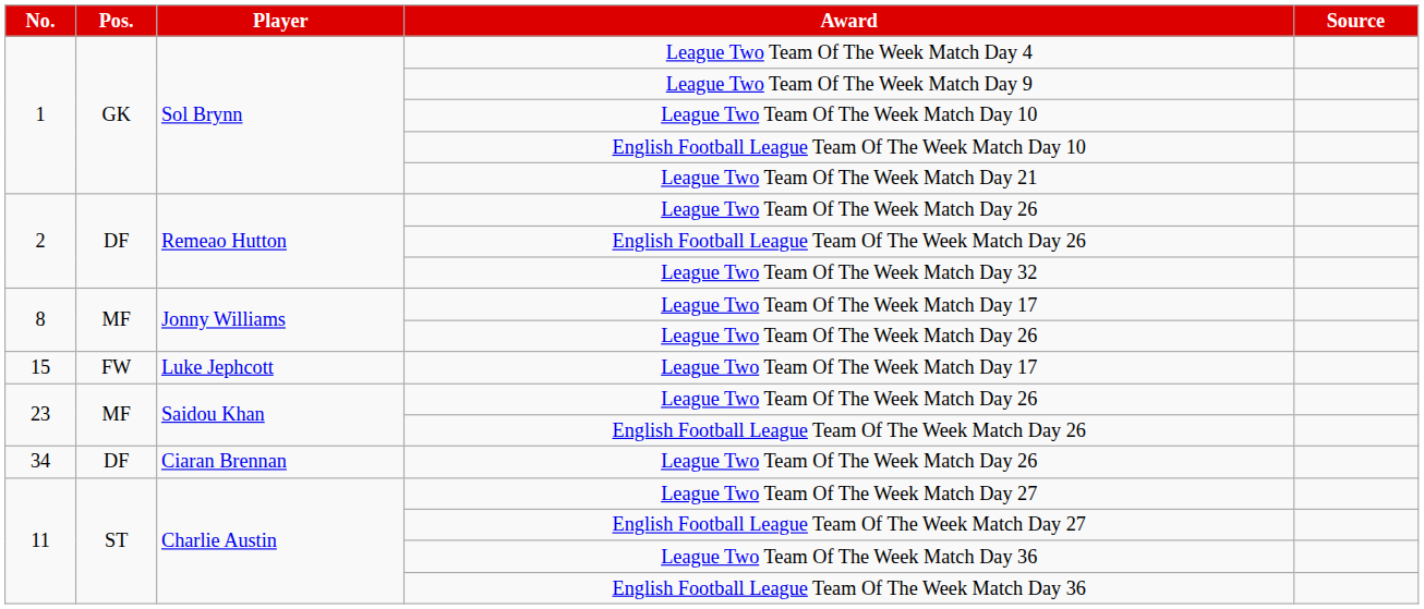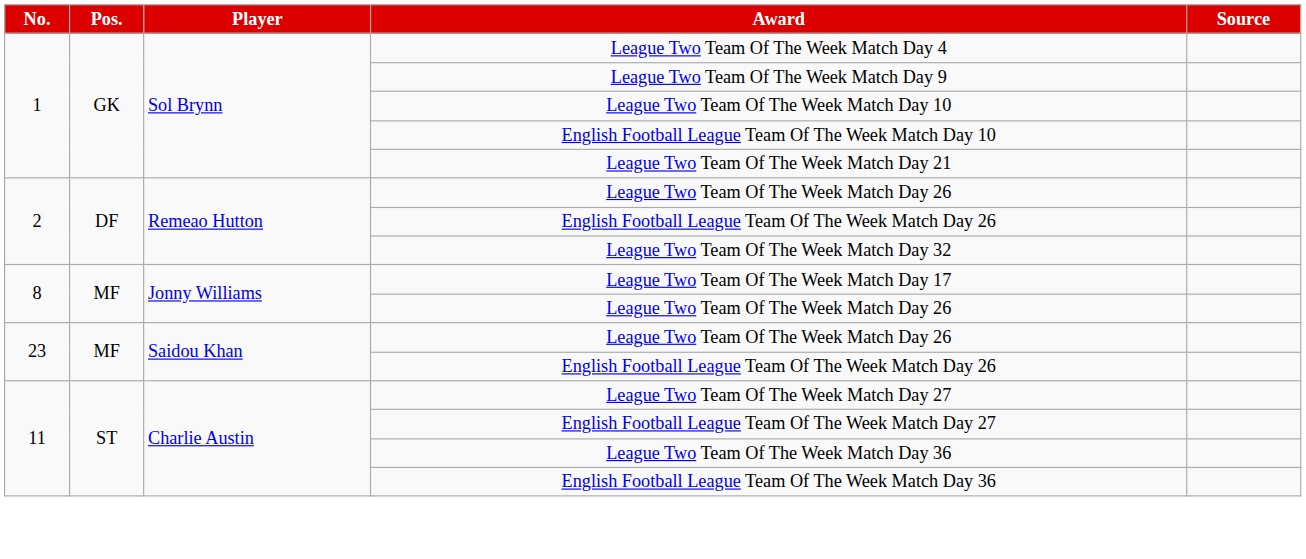 <table class="wikitable" style="text-align:center;width:90%;">
 <tr>
 <th style="background:#DD0000;color:#fff;">No.</th>
 <th style="background:#DD0000;color:#fff;">Pos.</th>
 <th style="background:#DD0000;color:#fff;">Player</th>
 <th style="background:#DD0000;color:#fff;">Award</th>
 <th style="background:#DD0000;color:#fff;">Source</th>
 </tr>
 <tr>
 <td rowspan=5>1</td>
 <td rowspan=5>GK</td>
 <td rowspan=5; align=left> <a href='#'>Sol Brynn</a></td>
 <td><a href='#'>League Two</a> Team Of The Week Match Day 4</td>
 <td></td>
 </tr>
 <tr>
 <td><a href='#'>League Two</a> Team Of The Week Match Day 9</td>
 <td></td>
 </tr>
 <tr>
 <td><a href='#'>League Two</a> Team Of The Week Match Day 10</td>
 <td></td>
 </tr>
 <tr>
 <td><a href='#'>English Football League</a> Team Of The Week Match Day 10</td>
 <td></td>
 </tr>
 <tr>
 <td><a href='#'>League Two</a> Team Of The Week Match Day 21</td>
 <td></td>
 </tr>
 <tr>
 <td rowspan=3>2</td>
 <td rowspan=3>DF</td>
 <td rowspan=3; align=left> <a href='#'>Remeao Hutton</a></td>
 <td><a href='#'>League Two</a> Team Of The Week Match Day 26</td>
 <td></td>
 </tr>
 <tr>
 <td><a href='#'>English Football League</a> Team Of The Week Match Day 26</td>
 <td></td>
 </tr>
 <tr>
 <td><a href='#'>League Two</a> Team Of The Week Match Day 32</td>
 <td></td>
 </tr>
 <tr>
 <td rowspan=2>8</td>
 <td rowspan=2>MF</td>
 <td rowspan=2; align=left> <a href='#'>Jonny Williams</a></td>
 <td><a href='#'>League Two</a> Team Of The Week Match Day 17</td>
 <td></td>
 </tr>
 <tr>
 <td><a href='#'>League Two</a> Team Of The Week Match Day 26</td>
 <td></td>
 </tr>
 <tr>
-<td rowspan=1>15</td>
-<td rowspan=1>FW</td>
-<td rowspan=1; align=left> <a href='#'>Luke Jephcott</a></td>
-<td><a href='#'>League Two</a> Team Of The Week Match Day 17</td>
-<td></td>
-</tr>
-<tr>
 <td rowspan=2>23</td>
 <td rowspan=2>MF</td>
 <td rowspan=2; align=left> <a href='#'>Saidou Khan</a></td>
 <td><a href='#'>League Two</a> Team Of The Week Match Day 26</td>
 <td></td>
 </tr>
 <tr>
 <td><a href='#'>English Football League</a> Team Of The Week Match Day 26</td>
-<td></td>
-</tr>
-<tr>
-<td rowspan=1>34</td>
-<td rowspan=1>DF</td>
-<td rowspan=1; align=left> <a href='#'>Ciaran Brennan</a></td>
-<td><a href='#'>League Two</a> Team Of The Week Match Day 26</td>
 <td></td>
 </tr>
 <tr>
 <td rowspan=4>11</td>
 <td rowspan=4>ST</td>
 <td rowspan=4; align=left> <a href='#'>Charlie Austin</a></td>
 <td><a href='#'>League Two</a> Team Of The Week Match Day 27</td>
 <td></td>
 </tr>
 <tr>
 <td><a href='#'>English Football League</a> Team Of The Week Match Day 27</td>
 <td></td>
 </tr>
 <tr>
 <td><a href='#'>League Two</a> Team Of The Week Match Day 36</td>
 <td></td>
 </tr>
 <tr>
 <td><a href='#'>English Football League</a> Team Of The Week Match Day 36</td>
 <td></td>
 </tr>
 </table>
